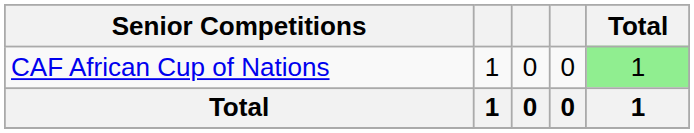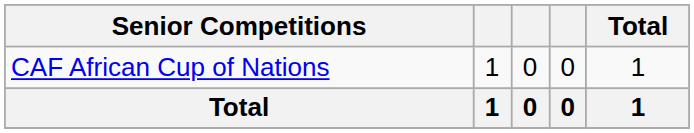 <table class="wikitable" style="width:30%; font-size:90%; text-align:center">
 <tr>
 <th>Senior Competitions</th>
 <th></th>
 <th></th>
 <th></th>
 <th>Total</th>
 </tr>
 <tr>
 <td align=left><a href='#'>CAF African Cup of Nations</a></td>
 <td>1</td>
 <td>0</td>
 <td>0</td>
-<td style="background: lightgreen;">1</td>
+<td>1</td>
 </tr>
 <tr>
 <th>Total</th>
 <th>1</th>
 <th>0</th>
 <th>0</th>
 <th>1</th>
 </tr>
 <tr>
 </tr>
 </table>
